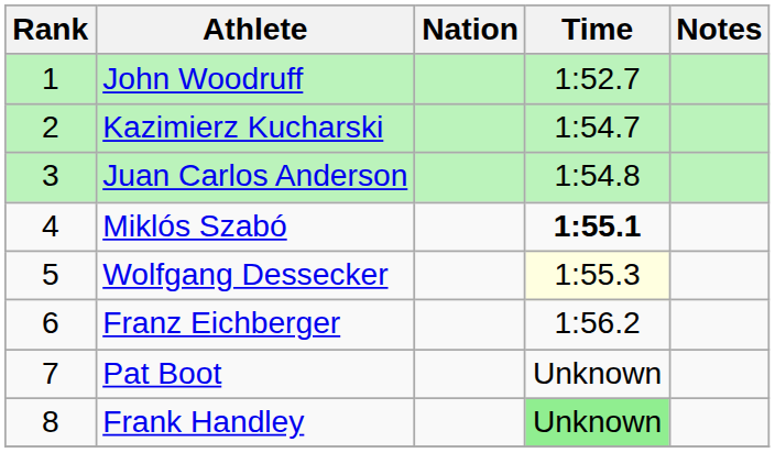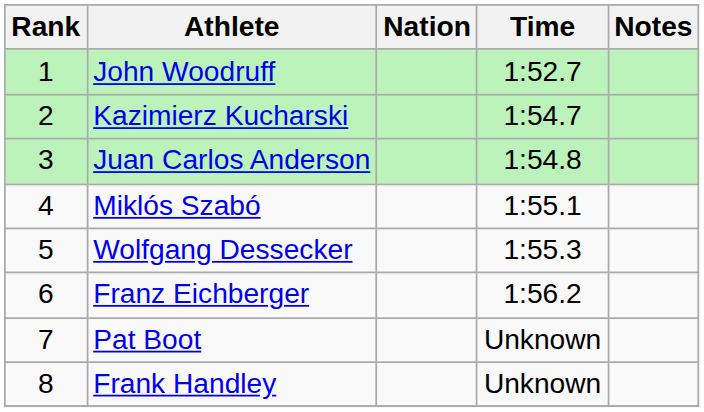 <table class="wikitable sortable" style="text-align:center">
 <tr>
 <th>Rank</th>
 <th>Athlete</th>
 <th>Nation</th>
 <th>Time</th>
 <th>Notes</th>
 </tr>
 <tr bgcolor=bbf3bb>
 <td>1</td>
 <td align=left><a href='#'>John Woodruff</a></td>
 <td align=left></td>
 <td>1:52.7</td>
 <td></td>
 </tr>
 <tr bgcolor=bbf3bb>
 <td>2</td>
 <td align=left><a href='#'>Kazimierz Kucharski</a></td>
 <td align=left></td>
 <td>1:54.7</td>
 <td></td>
 </tr>
 <tr bgcolor=bbf3bb>
 <td>3</td>
 <td align=left><a href='#'>Juan Carlos Anderson</a></td>
 <td align=left></td>
 <td>1:54.8</td>
 <td></td>
 </tr>
 <tr>
 <td>4</td>
 <td align=left><a href='#'>Miklós Szabó</a></td>
 <td align=left></td>
-<td><strong>1:55.1</strong></td>
+<td>1:55.1</td>
 <td></td>
 </tr>
 <tr>
 <td>5</td>
 <td align=left><a href='#'>Wolfgang Dessecker</a></td>
 <td align=left></td>
-<td style="background: lightyellow;">1:55.3</td>
+<td>1:55.3</td>
 <td></td>
 </tr>
 <tr>
 <td>6</td>
 <td align=left><a href='#'>Franz Eichberger</a></td>
 <td align=left></td>
 <td>1:56.2</td>
 <td></td>
 </tr>
 <tr>
 <td>7</td>
 <td align=left><a href='#'>Pat Boot</a></td>
 <td align=left></td>
 <td data-sort-value=2:00.0>Unknown</td>
 <td></td>
 </tr>
 <tr>
 <td>8</td>
 <td align=left><a href='#'>Frank Handley</a></td>
 <td align=left></td>
-<td data-sort-value=3:00.0 style="background: lightgreen;">Unknown</td>
+<td data-sort-value=3:00.0>Unknown</td>
 <td></td>
 </tr>
 <tr>
 </tr>
 </table>
